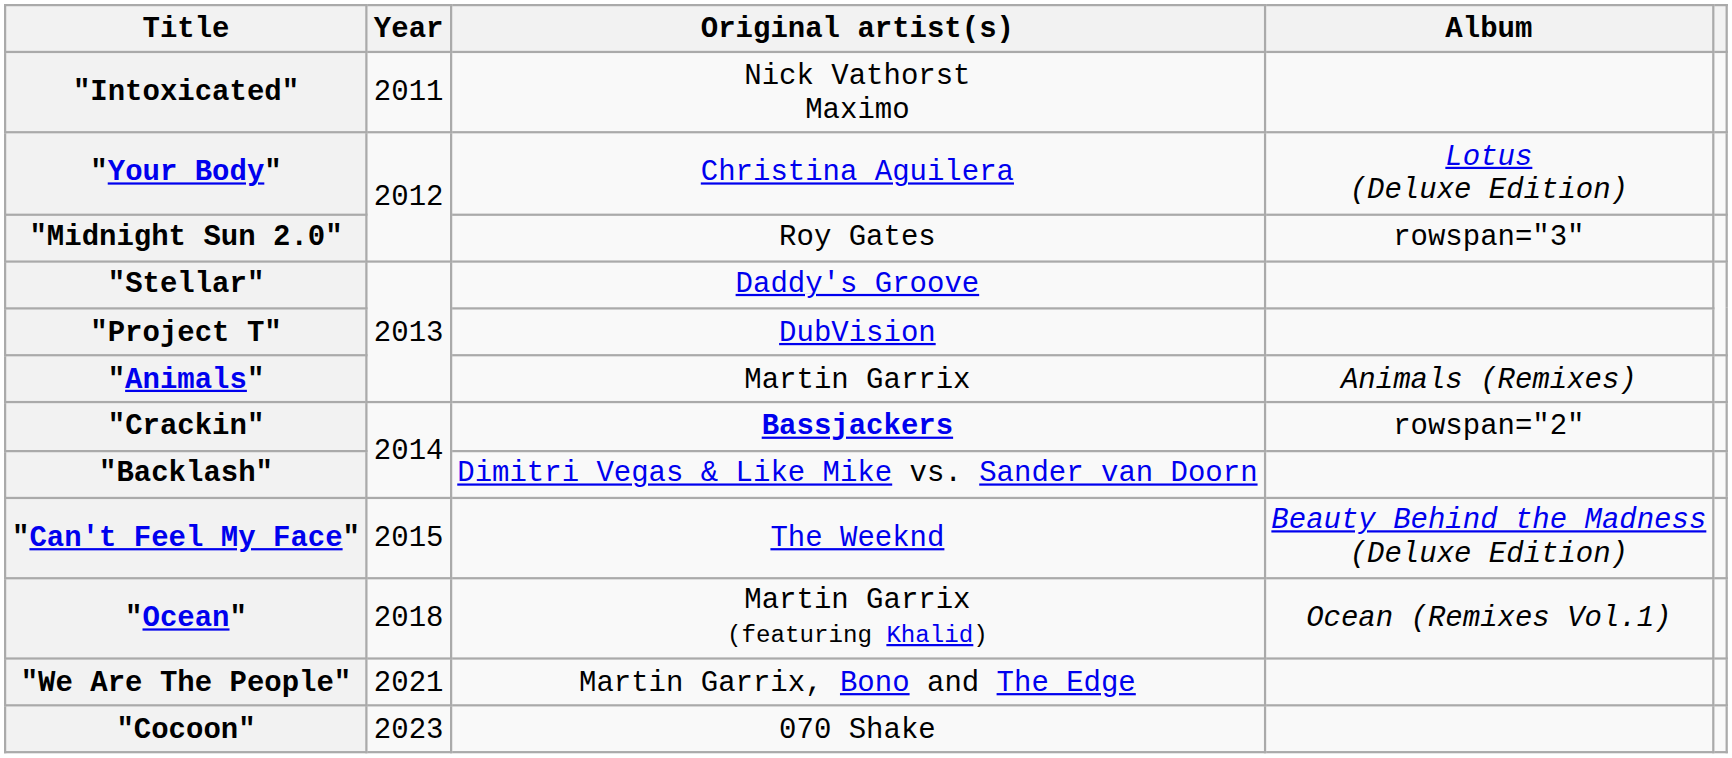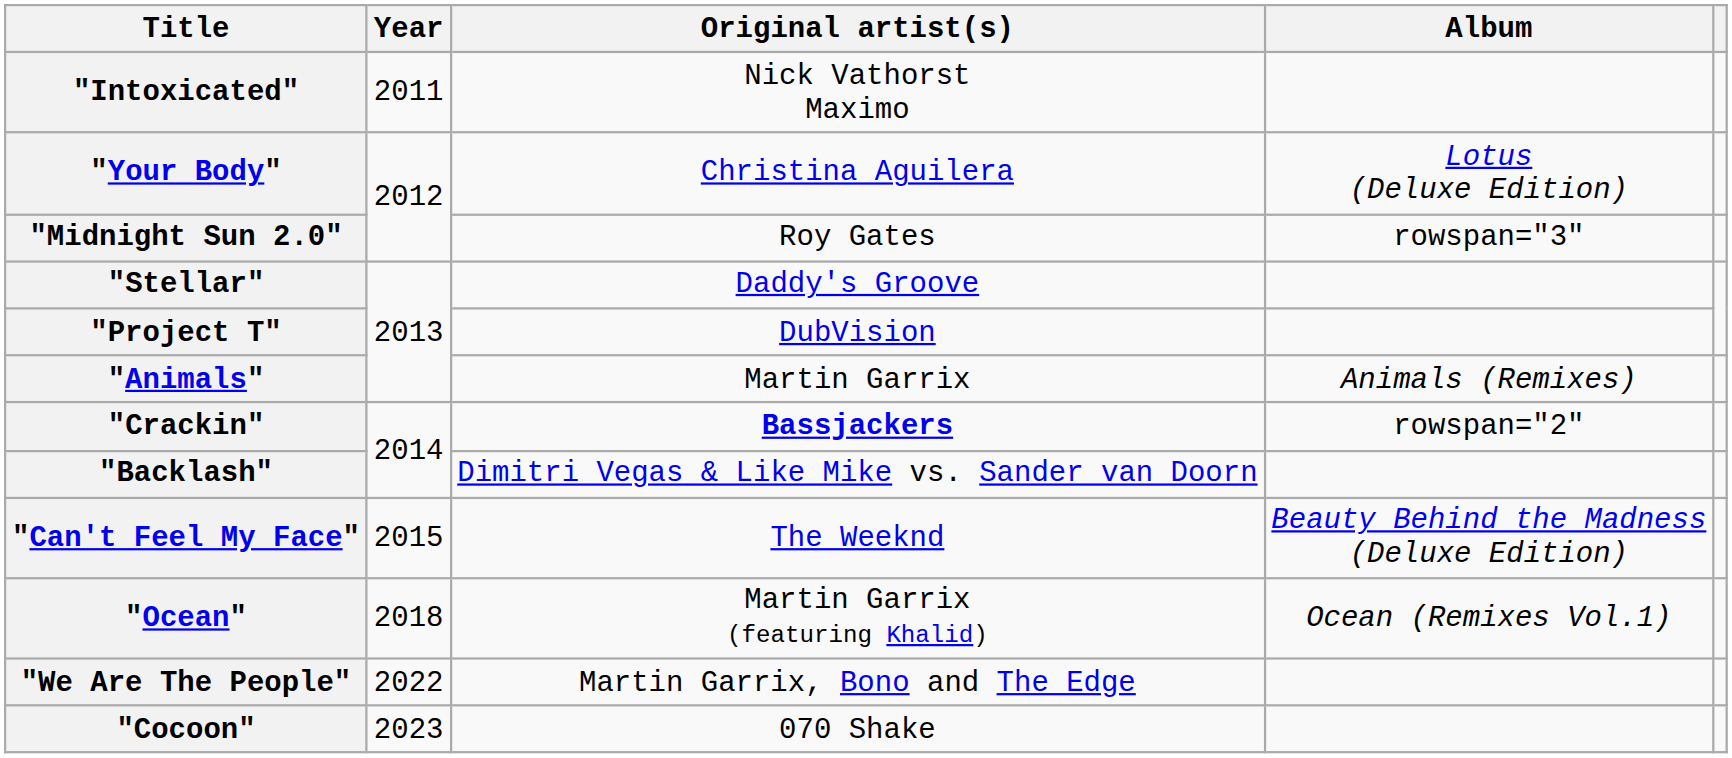 <table class="wikitable plainrowheaders" style="text-align:center;">
 <tr>
 <th scope="col">Title</th>
 <th scope="col">Year</th>
 <th scope="col">Original artist(s)</th>
 <th scope="col">Album</th>
 <th scope="col"></th>
 </tr>
 <tr>
 <th scope="row">"Intoxicated" <br> </th>
 <td>2011</td>
 <td>Nick Vathorst<br>Maximo</td>
 <td></td>
 <td></td>
 </tr>
 <tr>
 <th scope="row">"<a href='#'>Your Body</a>" <br> </th>
 <td rowspan="2">2012</td>
 <td><a href='#'>Christina Aguilera</a></td>
 <td><em><a href='#'>Lotus</a></em> <br> <em>(Deluxe Edition)</em></td>
 <td></td>
 </tr>
 <tr>
 <th scope="row">"Midnight Sun 2.0" <br></th>
 <td>Roy Gates</td>
 <td>rowspan="3" </td>
 <td></td>
 </tr>
 <tr>
 <th scope="row">"Stellar" <br> </th>
 <td rowspan="3">2013</td>
 <td><a href='#'>Daddy's Groove</a></td>
 <td></td>
 </tr>
 <tr>
 <th scope="row">"Project T" <br> </th>
 <td><a href='#'>DubVision</a></td>
 <td></td>
 </tr>
 <tr>
 <th scope="row">"<a href='#'>Animals</a>" <br> </th>
 <td>Martin Garrix</td>
 <td><em>Animals (Remixes)</em></td>
 <td></td>
 </tr>
 <tr>
 <th scope="row">"Crackin" <br> </th>
 <td rowspan="2">2014</td>
 <td><strong><a href='#'>Bassjackers</a></strong></td>
 <td>rowspan="2" </td>
 <td></td>
 </tr>
 <tr>
 <th scope="row">"Backlash" <br> </th>
 <td><a href='#'>Dimitri Vegas & Like Mike</a> vs. <a href='#'>Sander van Doorn</a></td>
 <td></td>
 </tr>
 <tr>
 <th scope="row">"<a href='#'>Can't Feel My Face</a>" <br> </th>
 <td>2015</td>
 <td><a href='#'>The Weeknd</a></td>
 <td><em><a href='#'>Beauty Behind the Madness</a></em> <br> <em>(Deluxe Edition)</em></td>
 <td></td>
 </tr>
 <tr>
 <th scope="row">"<a href='#'>Ocean</a>" <br> </th>
 <td>2018</td>
 <td>Martin Garrix <br><small>(featuring <a href='#'>Khalid</a>)</small></td>
 <td><em>Ocean (Remixes Vol.1)</em></td>
 <td></td>
 </tr>
 <tr>
 <th scope="row">"We Are The People" <br> </th>
-<td>2021</td>
+<td>2022</td>
 <td>Martin Garrix, <a href='#'>Bono</a> and <a href='#'>The Edge</a></td>
 <td></td>
 <td></td>
 </tr>
 <tr>
 <th scope="row">"Cocoon" <br> </th>
 <td>2023</td>
 <td>070 Shake</td>
 <td></td>
 <td></td>
 </tr>
 </table>
